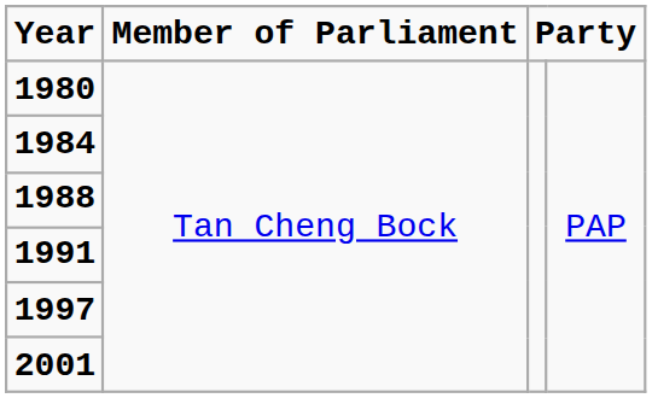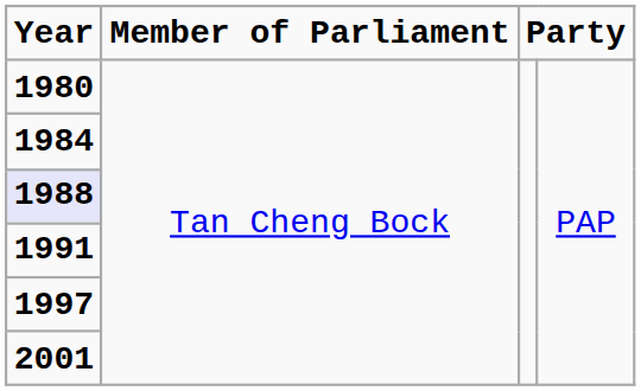 <table class="wikitable" align="center" style="text-align:center">
 <tr>
 <td><strong>Year</strong></td>
 <td><strong>Member of Parliament</strong></td>
 <td colspan="2"><strong>Party</strong></td>
 </tr>
 <tr>
 <td><strong>1980</strong></td>
 <td rowspan="6"><a href='#'>Tan Cheng Bock</a></td>
 <td rowspan="6"></td>
 <td rowspan="6"><a href='#'>PAP</a></td>
 </tr>
 <tr>
 <td><strong>1984</strong></td>
 </tr>
 <tr>
-<td><strong>1988</strong></td>
+<td style="background: lavender;"><strong>1988</strong></td>
 </tr>
 <tr>
 <td><strong>1991</strong></td>
 </tr>
 <tr>
 <td><strong>1997</strong></td>
 </tr>
 <tr>
 <td><strong>2001</strong></td>
 </tr>
 </table>
